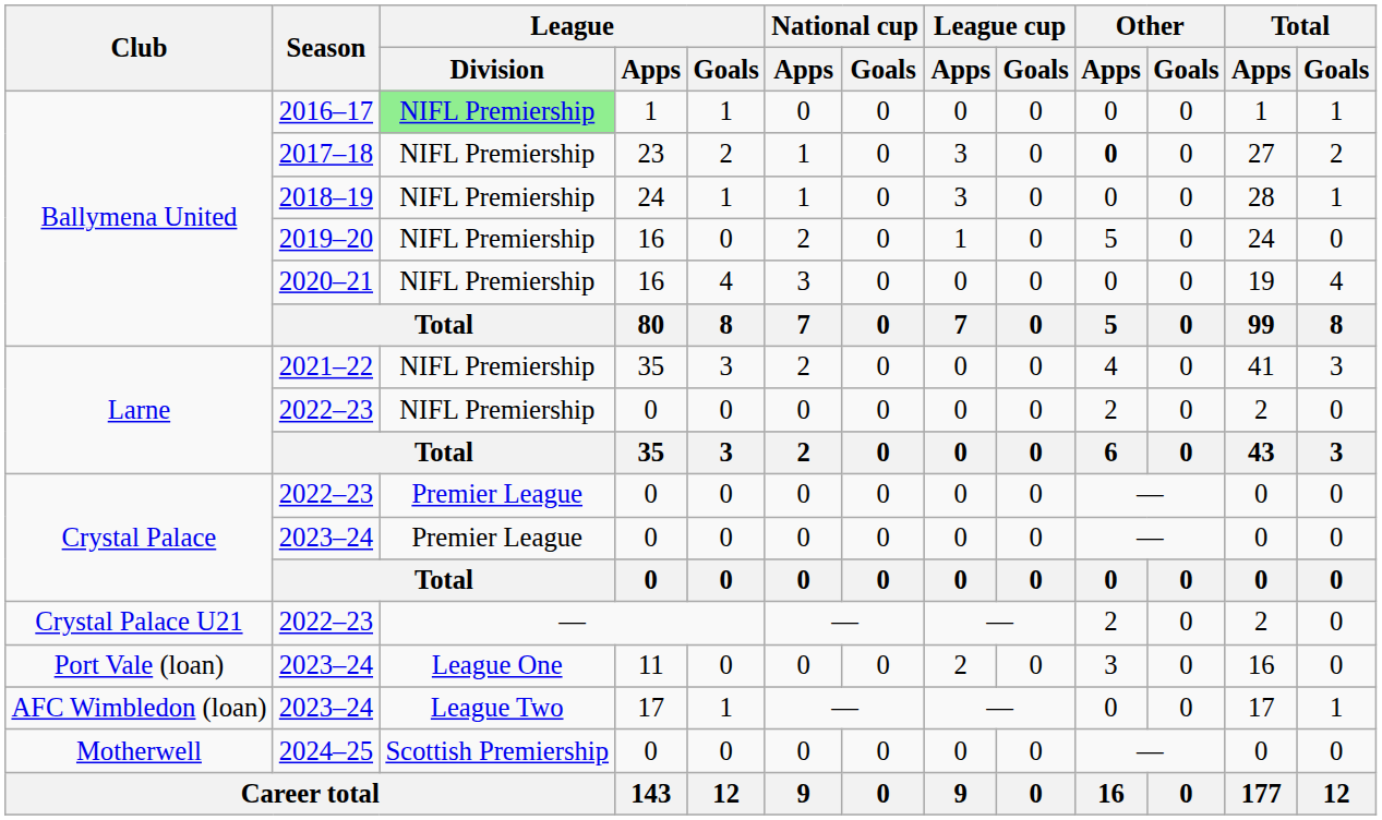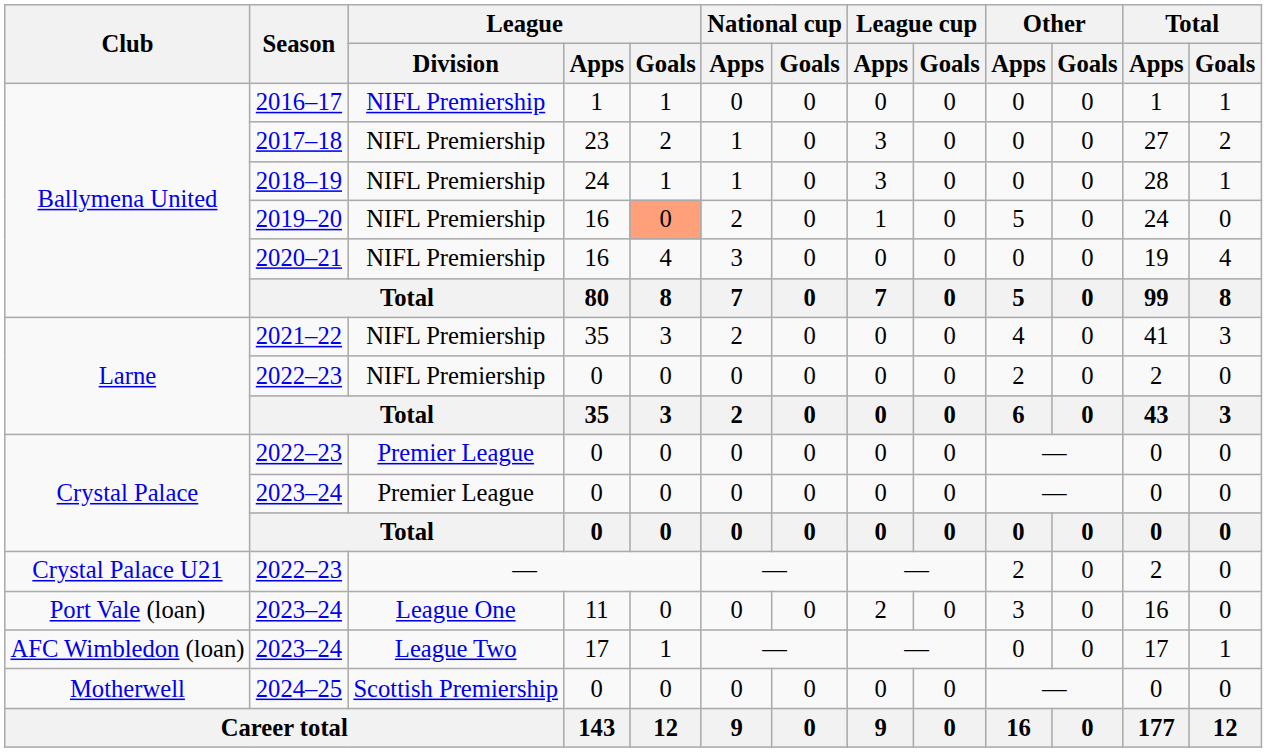 <table class="wikitable" style="text-align:center">
 <tr>
 <th rowspan="2">Club</th>
 <th rowspan="2">Season</th>
 <th colspan="3">League</th>
 <th colspan="2">National cup</th>
 <th colspan="2">League cup</th>
 <th colspan="2">Other</th>
 <th colspan="2">Total</th>
 </tr>
 <tr>
 <th>Division</th>
 <th>Apps</th>
 <th>Goals</th>
 <th>Apps</th>
 <th>Goals</th>
 <th>Apps</th>
 <th>Goals</th>
 <th>Apps</th>
 <th>Goals</th>
 <th>Apps</th>
 <th>Goals</th>
 </tr>
 <tr>
 <td rowspan="6"><a href='#'>Ballymena United</a></td>
 <td><a href='#'>2016–17</a></td>
-<td style="background: lightgreen;"><a href='#'>NIFL Premiership</a></td>
+<td><a href='#'>NIFL Premiership</a></td>
 <td>1</td>
 <td>1</td>
 <td>0</td>
 <td>0</td>
 <td>0</td>
 <td>0</td>
 <td>0</td>
 <td>0</td>
 <td>1</td>
 <td>1</td>
 </tr>
 <tr>
 <td><a href='#'>2017–18</a></td>
 <td>NIFL Premiership</td>
 <td>23</td>
 <td>2</td>
 <td>1</td>
 <td>0</td>
 <td>3</td>
 <td>0</td>
-<td><strong>0</strong></td>
+<td>0</td>
 <td>0</td>
 <td>27</td>
 <td>2</td>
 </tr>
 <tr>
 <td><a href='#'>2018–19</a></td>
 <td>NIFL Premiership</td>
 <td>24</td>
 <td>1</td>
 <td>1</td>
 <td>0</td>
 <td>3</td>
 <td>0</td>
 <td>0</td>
 <td>0</td>
 <td>28</td>
 <td>1</td>
 </tr>
 <tr>
 <td><a href='#'>2019–20</a></td>
 <td>NIFL Premiership</td>
 <td>16</td>
-<td>0</td>
+<td style="background: lightsalmon;">0</td>
 <td>2</td>
 <td>0</td>
 <td>1</td>
 <td>0</td>
 <td>5</td>
 <td>0</td>
 <td>24</td>
 <td>0</td>
 </tr>
 <tr>
 <td><a href='#'>2020–21</a></td>
 <td>NIFL Premiership</td>
 <td>16</td>
 <td>4</td>
 <td>3</td>
 <td>0</td>
 <td>0</td>
 <td>0</td>
 <td>0</td>
 <td>0</td>
 <td>19</td>
 <td>4</td>
 </tr>
 <tr>
 <th colspan="2">Total</th>
 <th>80</th>
 <th>8</th>
 <th>7</th>
 <th>0</th>
 <th>7</th>
 <th>0</th>
 <th>5</th>
 <th>0</th>
 <th>99</th>
 <th>8</th>
 </tr>
 <tr>
 <td rowspan="3"><a href='#'>Larne</a></td>
 <td><a href='#'>2021–22</a></td>
 <td>NIFL Premiership</td>
 <td>35</td>
 <td>3</td>
 <td>2</td>
 <td>0</td>
 <td>0</td>
 <td>0</td>
 <td>4</td>
 <td>0</td>
 <td>41</td>
 <td>3</td>
 </tr>
 <tr>
 <td><a href='#'>2022–23</a></td>
 <td>NIFL Premiership</td>
 <td>0</td>
 <td>0</td>
 <td>0</td>
 <td>0</td>
 <td>0</td>
 <td>0</td>
 <td>2</td>
 <td>0</td>
 <td>2</td>
 <td>0</td>
 </tr>
 <tr>
 <th colspan="2">Total</th>
 <th>35</th>
 <th>3</th>
 <th>2</th>
 <th>0</th>
 <th>0</th>
 <th>0</th>
 <th>6</th>
 <th>0</th>
 <th>43</th>
 <th>3</th>
 </tr>
 <tr>
 <td rowspan="3"><a href='#'>Crystal Palace</a></td>
 <td><a href='#'>2022–23</a></td>
 <td><a href='#'>Premier League</a></td>
 <td>0</td>
 <td>0</td>
 <td>0</td>
 <td>0</td>
 <td>0</td>
 <td>0</td>
 <td colspan=2>—</td>
 <td>0</td>
 <td>0</td>
 </tr>
 <tr>
 <td><a href='#'>2023–24</a></td>
 <td>Premier League</td>
 <td>0</td>
 <td>0</td>
 <td>0</td>
 <td>0</td>
 <td>0</td>
 <td>0</td>
 <td colspan=2>—</td>
 <td>0</td>
 <td>0</td>
 </tr>
 <tr>
 <th colspan="2">Total</th>
 <th>0</th>
 <th>0</th>
 <th>0</th>
 <th>0</th>
 <th>0</th>
 <th>0</th>
 <th>0</th>
 <th>0</th>
 <th>0</th>
 <th>0</th>
 </tr>
 <tr>
 <td><a href='#'>Crystal Palace U21</a></td>
 <td><a href='#'>2022–23</a></td>
 <td colspan=3>—</td>
 <td colspan=2>—</td>
 <td colspan=2>—</td>
 <td>2</td>
 <td>0</td>
 <td>2</td>
 <td>0</td>
 </tr>
 <tr>
 <td><a href='#'>Port Vale</a> (loan)</td>
 <td><a href='#'>2023–24</a></td>
 <td><a href='#'>League One</a></td>
 <td>11</td>
 <td>0</td>
 <td>0</td>
 <td>0</td>
 <td>2</td>
 <td>0</td>
 <td>3</td>
 <td>0</td>
 <td>16</td>
 <td>0</td>
 </tr>
 <tr>
 <td><a href='#'>AFC Wimbledon</a> (loan)</td>
 <td><a href='#'>2023–24</a></td>
 <td><a href='#'>League Two</a></td>
 <td>17</td>
 <td>1</td>
 <td colspan="2">—</td>
 <td colspan=2>—</td>
 <td>0</td>
 <td>0</td>
 <td>17</td>
 <td>1</td>
 </tr>
 <tr>
 <td><a href='#'>Motherwell</a></td>
 <td><a href='#'>2024–25</a></td>
 <td><a href='#'>Scottish Premiership</a></td>
 <td>0</td>
 <td>0</td>
 <td>0</td>
 <td>0</td>
 <td>0</td>
 <td>0</td>
 <td colspan=2>—</td>
 <td>0</td>
 <td>0</td>
 </tr>
 <tr>
 <th colspan="3">Career total</th>
 <th>143</th>
 <th>12</th>
 <th>9</th>
 <th>0</th>
 <th>9</th>
 <th>0</th>
 <th>16</th>
 <th>0</th>
 <th>177</th>
 <th>12</th>
 </tr>
 </table>
